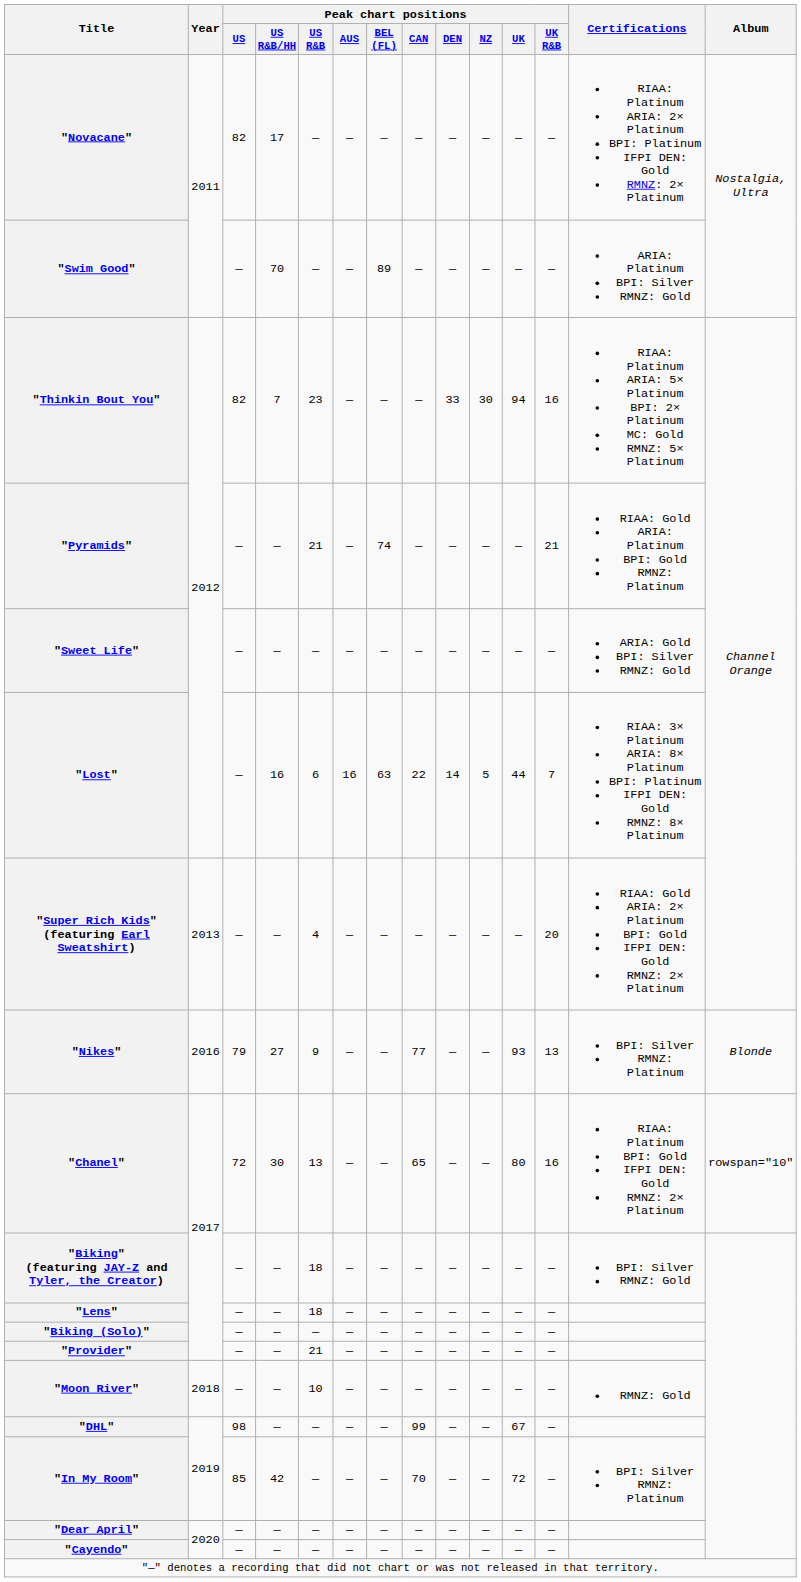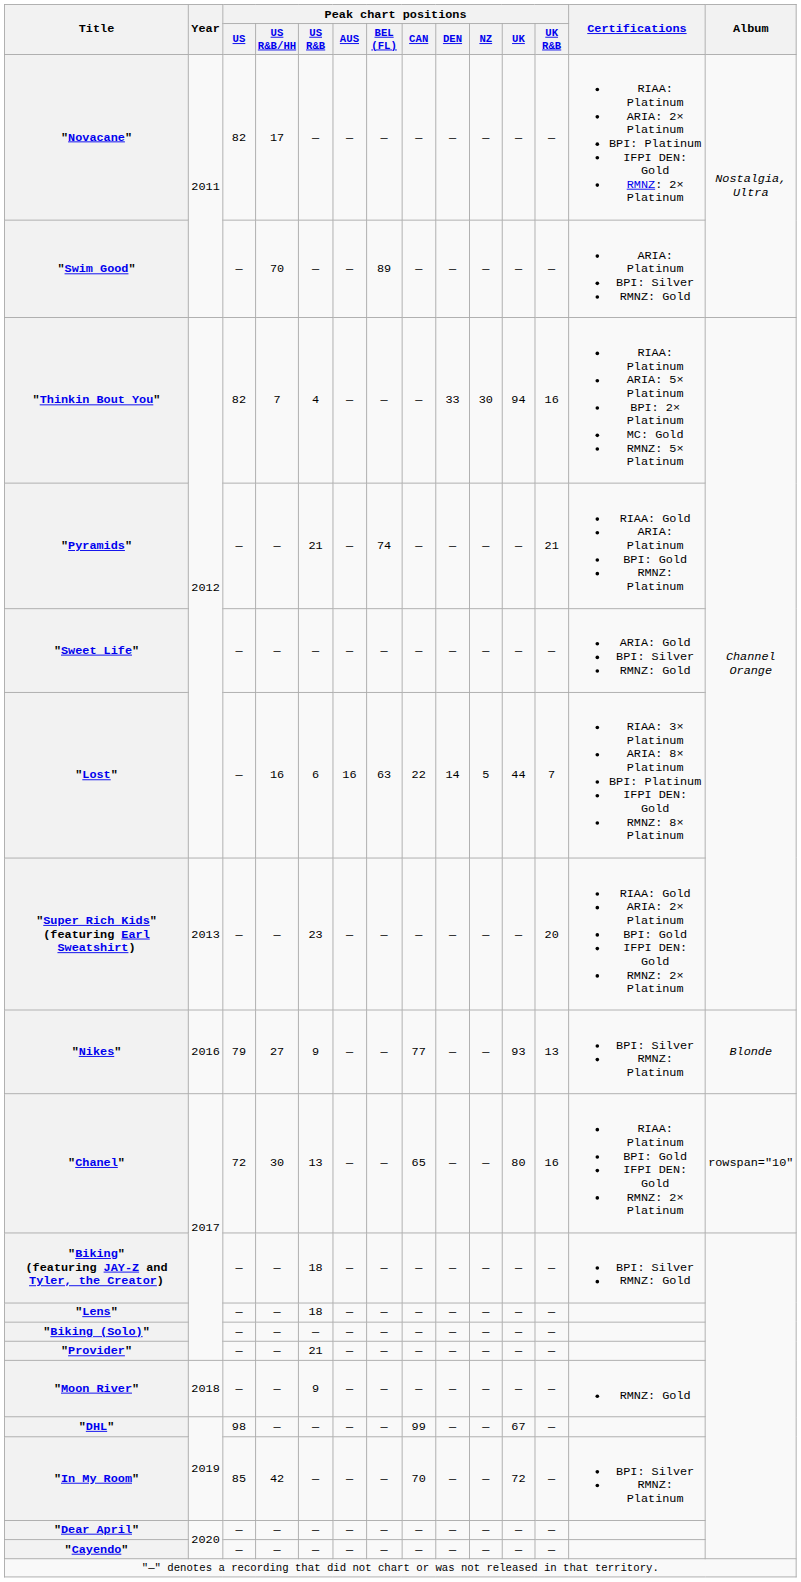 <table class="wikitable plainrowheaders" style="text-align:center;">
 <tr>
 <th scope="col" rowspan="2" style="width:18em;">Title</th>
 <th scope="col" rowspan="2">Year</th>
 <th scope="col" colspan="10">Peak chart positions</th>
 <th scope="col" rowspan="2" style="width:12em;"><a href='#'>Certifications</a></th>
 <th scope="col" rowspan="2">Album</th>
 </tr>
 <tr>
 <th scope="col" style="width:3em;font-size:90%;"><a href='#'>US</a><br></th>
 <th scope="col" style="width:3em;font-size:90%;"><a href='#'>US<br>R&B/HH</a><br></th>
 <th scope="col" style="width:3em;font-size:90%;"><a href='#'>US<br>R&B</a><br></th>
 <th scope="col" style="width:3em;font-size:90%;"><a href='#'>AUS</a><br></th>
 <th scope="col" style="width:3em;font-size:90%;"><a href='#'>BEL<br>(FL)</a><br></th>
 <th scope="col" style="width:3em;font-size:90%;"><a href='#'>CAN</a><br></th>
 <th scope="col" style="width:3em;font-size:90%;"><a href='#'>DEN</a><br></th>
 <th scope="col" style="width:3em;font-size:90%;"><a href='#'>NZ</a><br></th>
 <th scope="col" style="width:3em;font-size:90%;"><a href='#'>UK</a><br></th>
 <th scope="col" style="width:3em;font-size:90%;"><a href='#'>UK<br>R&B</a><br></th>
 </tr>
 <tr>
 <th scope="row">"<a href='#'>Novacane</a>"</th>
 <td rowspan="2">2011</td>
 <td>82</td>
 <td>17</td>
 <td>—</td>
 <td>—</td>
 <td>—</td>
 <td>—</td>
 <td>—</td>
 <td>—</td>
 <td>—</td>
 <td>—</td>
 <td><br><ul><li>RIAA: Platinum</li><li>ARIA: 2× Platinum</li><li>BPI: Platinum</li><li>IFPI DEN: Gold</li><li><a href='#'>RMNZ</a>: 2× Platinum</li></ul></td>
 <td rowspan="2"><em>Nostalgia, Ultra</em></td>
 </tr>
 <tr>
 <th scope="row">"<a href='#'>Swim Good</a>"</th>
 <td>—</td>
 <td>70</td>
 <td>—</td>
 <td>—</td>
 <td>89</td>
 <td>—</td>
 <td>—</td>
 <td>—</td>
 <td>—</td>
 <td>—</td>
 <td><br><ul><li>ARIA: Platinum</li><li>BPI: Silver</li><li>RMNZ: Gold</li></ul></td>
 </tr>
 <tr>
 <th scope="row">"<a href='#'>Thinkin Bout You</a>"</th>
 <td rowspan="4">2012</td>
 <td>82</td>
 <td>7</td>
-<td>23</td>
+<td>4</td>
 <td>—</td>
 <td>—</td>
 <td>—</td>
 <td>33</td>
 <td>30</td>
 <td>94</td>
 <td>16</td>
 <td><br><ul><li>RIAA: Platinum</li><li>ARIA: 5× Platinum</li><li>BPI: 2× Platinum</li><li>MC: Gold</li><li>RMNZ: 5× Platinum</li></ul></td>
 <td rowspan="5"><em>Channel Orange</em></td>
 </tr>
 <tr>
 <th scope="row">"<a href='#'>Pyramids</a>"</th>
 <td>—</td>
 <td>—</td>
 <td>21</td>
 <td>—</td>
 <td>74</td>
 <td>—</td>
 <td>—</td>
 <td>—</td>
 <td>—</td>
 <td>21</td>
 <td><br><ul><li>RIAA: Gold</li><li>ARIA: Platinum</li><li>BPI: Gold</li><li>RMNZ: Platinum</li></ul></td>
 </tr>
 <tr>
 <th scope="row">"<a href='#'>Sweet Life</a>"</th>
 <td>—</td>
 <td>—</td>
 <td>—</td>
 <td>—</td>
 <td>—</td>
 <td>—</td>
 <td>—</td>
 <td>—</td>
 <td>—</td>
 <td>—</td>
 <td><br><ul><li>ARIA: Gold</li><li>BPI: Silver</li><li>RMNZ: Gold</li></ul></td>
 </tr>
 <tr>
 <th scope="row">"<a href='#'>Lost</a>"</th>
 <td>—</td>
 <td>16</td>
 <td>6</td>
 <td>16</td>
 <td>63</td>
 <td>22</td>
 <td>14</td>
 <td>5</td>
 <td>44</td>
 <td>7</td>
 <td><br><ul><li>RIAA: 3× Platinum</li><li>ARIA: 8× Platinum</li><li>BPI: Platinum</li><li>IFPI DEN: Gold</li><li>RMNZ: 8× Platinum</li></ul></td>
 </tr>
 <tr>
 <th scope="row">"<a href='#'>Super Rich Kids</a>"<br><span>(featuring <a href='#'>Earl Sweatshirt</a>)</span></th>
 <td>2013</td>
 <td>—</td>
 <td>—</td>
-<td>4</td>
+<td>23</td>
 <td>—</td>
 <td>—</td>
 <td>—</td>
 <td>—</td>
 <td>—</td>
 <td>—</td>
 <td>20</td>
 <td><br><ul><li>RIAA: Gold</li><li>ARIA: 2× Platinum</li><li>BPI: Gold</li><li>IFPI DEN: Gold</li><li>RMNZ: 2× Platinum</li></ul></td>
 </tr>
 <tr>
 <th scope="row">"<a href='#'>Nikes</a>"</th>
 <td>2016</td>
 <td>79</td>
 <td>27</td>
 <td>9</td>
 <td>—</td>
 <td>—</td>
 <td>77</td>
 <td>—</td>
 <td>—</td>
 <td>93</td>
 <td>13</td>
 <td><br><ul><li>BPI: Silver</li><li>RMNZ: Platinum</li></ul></td>
 <td><em>Blonde</em></td>
 </tr>
 <tr>
 <th scope="row">"<a href='#'>Chanel</a>"</th>
 <td rowspan="5">2017</td>
 <td>72</td>
 <td>30</td>
 <td>13</td>
 <td>—</td>
 <td>—</td>
 <td>65</td>
 <td>—</td>
 <td>—</td>
 <td>80</td>
 <td>16</td>
 <td><br><ul><li>RIAA: Platinum</li><li>BPI: Gold</li><li>IFPI DEN: Gold</li><li>RMNZ: 2× Platinum</li></ul></td>
 <td>rowspan="10" </td>
 </tr>
 <tr>
 <th scope="row">"<a href='#'>Biking</a>"<br><span>(featuring <a href='#'>JAY-Z</a> and <a href='#'>Tyler, the Creator</a>)</span></th>
 <td>—</td>
 <td>—</td>
 <td>18</td>
 <td>—</td>
 <td>—</td>
 <td>—</td>
 <td>—</td>
 <td>—</td>
 <td>—</td>
 <td>—</td>
 <td><br><ul><li>BPI: Silver</li><li>RMNZ: Gold</li></ul></td>
 </tr>
 <tr>
 <th scope="row">"<a href='#'>Lens</a>"</th>
 <td>—</td>
 <td>—</td>
 <td>18</td>
 <td>—</td>
 <td>—</td>
 <td>—</td>
 <td>—</td>
 <td>—</td>
 <td>—</td>
 <td>—</td>
 <td></td>
 </tr>
 <tr>
 <th scope="row">"<a href='#'>Biking (Solo)</a>"</th>
 <td>—</td>
 <td>—</td>
 <td>—</td>
 <td>—</td>
 <td>—</td>
 <td>—</td>
 <td>—</td>
 <td>—</td>
 <td>—</td>
 <td>—</td>
 <td></td>
 </tr>
 <tr>
 <th scope="row">"<a href='#'>Provider</a>"</th>
 <td>—</td>
 <td>—</td>
 <td>21</td>
 <td>—</td>
 <td>—</td>
 <td>—</td>
 <td>—</td>
 <td>—</td>
 <td>—</td>
 <td>—</td>
 <td></td>
 </tr>
 <tr>
 <th scope="row">"<a href='#'>Moon River</a>"</th>
 <td>2018</td>
 <td>—</td>
 <td>—</td>
-<td>10</td>
+<td>9</td>
 <td>—</td>
 <td>—</td>
 <td>—</td>
 <td>—</td>
 <td>—</td>
 <td>—</td>
 <td>—</td>
 <td><br><ul><li>RMNZ: Gold</li></ul></td>
 </tr>
 <tr>
 <th scope="row">"<a href='#'>DHL</a>"</th>
 <td rowspan="2">2019</td>
 <td>98</td>
 <td>—</td>
 <td>—</td>
 <td>—</td>
 <td>—</td>
 <td>99</td>
 <td>—</td>
 <td>—</td>
 <td>67</td>
 <td>—</td>
 <td></td>
 </tr>
 <tr>
 <th scope="row">"<a href='#'>In My Room</a>"</th>
 <td>85</td>
 <td>42</td>
 <td>—</td>
 <td>—</td>
 <td>—</td>
 <td>70</td>
 <td>—</td>
 <td>—</td>
 <td>72</td>
 <td>—</td>
 <td><br><ul><li>BPI: Silver</li><li>RMNZ: Platinum</li></ul></td>
 </tr>
 <tr>
 <th scope="row">"<a href='#'>Dear April</a>"</th>
 <td rowspan="2">2020</td>
 <td>—</td>
 <td>—</td>
 <td>—</td>
 <td>—</td>
 <td>—</td>
 <td>—</td>
 <td>—</td>
 <td>—</td>
 <td>—</td>
 <td>—</td>
 <td></td>
 </tr>
 <tr>
 <th scope="row">"<a href='#'>Cayendo</a>"</th>
 <td>—</td>
 <td>—</td>
 <td>—</td>
 <td>—</td>
 <td>—</td>
 <td>—</td>
 <td>—</td>
 <td>—</td>
 <td>—</td>
 <td>—</td>
 <td></td>
 </tr>
 <tr>
 <td colspan="14" style="font-size:90%">"—" denotes a recording that did not chart or was not released in that territory.</td>
 </tr>
 </table>
